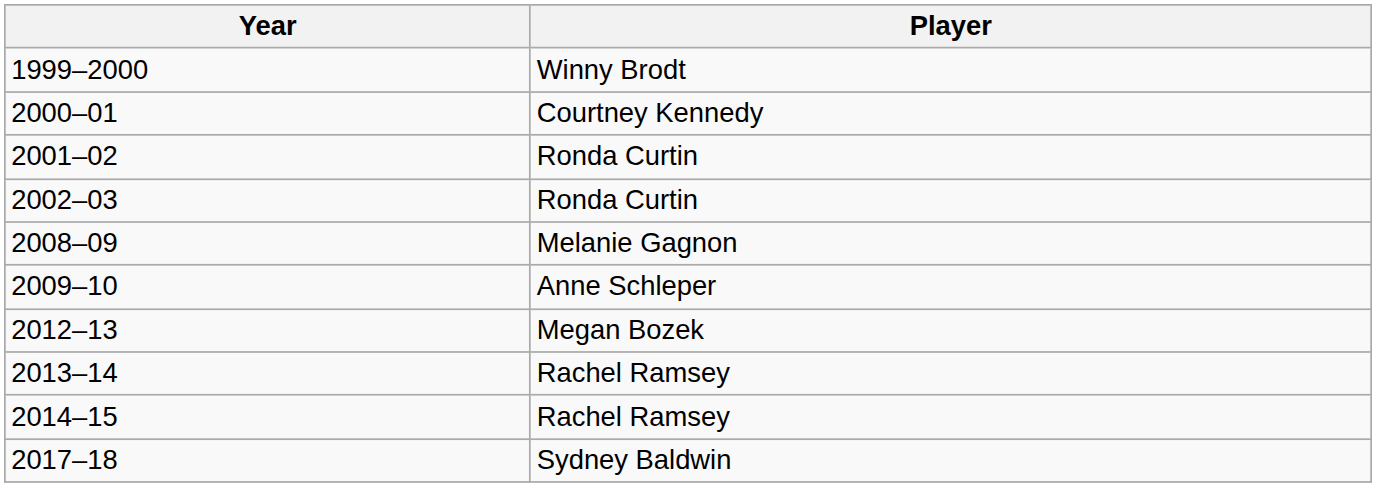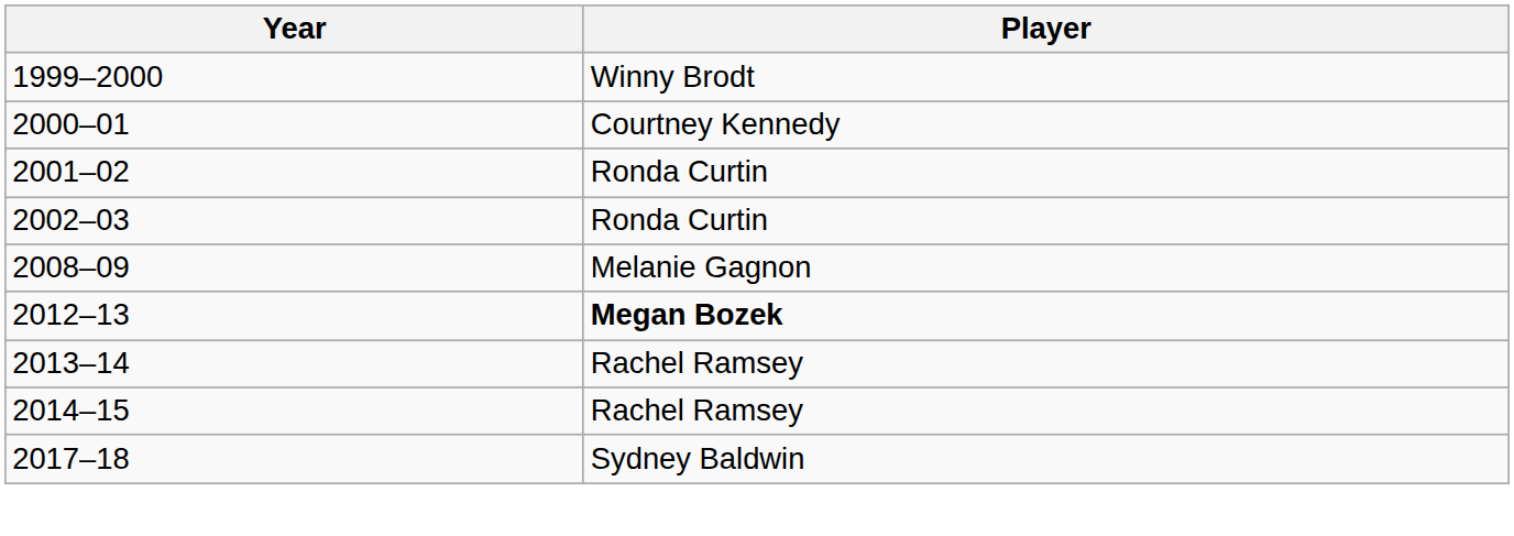 <table class="wikitable" style="width: 50em">
 <tr>
 <th>Year</th>
 <th>Player</th>
 </tr>
 <tr>
 <td>1999–2000</td>
 <td>Winny Brodt</td>
 </tr>
 <tr>
 <td>2000–01</td>
 <td>Courtney Kennedy</td>
 </tr>
 <tr>
 <td>2001–02</td>
 <td>Ronda Curtin</td>
 </tr>
 <tr>
 <td>2002–03</td>
 <td>Ronda Curtin</td>
 </tr>
 <tr>
 <td>2008–09</td>
 <td>Melanie Gagnon</td>
 </tr>
 <tr>
-<td>2009–10</td>
-<td>Anne Schleper</td>
-</tr>
-<tr>
 <td>2012–13</td>
-<td>Megan Bozek</td>
+<td><strong>Megan Bozek</strong></td>
 </tr>
 <tr>
 <td>2013–14</td>
 <td>Rachel Ramsey</td>
 </tr>
 <tr>
 <td>2014–15</td>
 <td>Rachel Ramsey</td>
 </tr>
 <tr>
 <td>2017–18</td>
 <td>Sydney Baldwin</td>
 </tr>
 </table>
